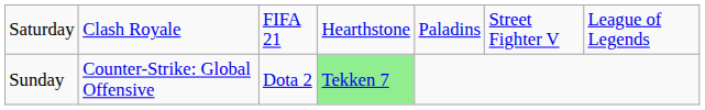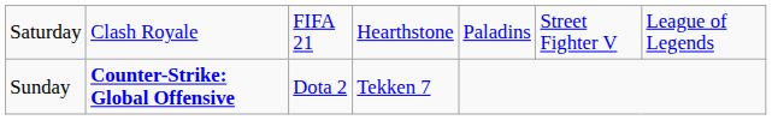 <table class="wikitable">
 <tr>
 <td>Saturday</td>
 <td><a href='#'>Clash Royale</a></td>
 <td><a href='#'>FIFA 21</a></td>
 <td><a href='#'>Hearthstone</a></td>
 <td><a href='#'>Paladins</a></td>
 <td><a href='#'>Street Fighter V</a></td>
 <td><a href='#'>League of Legends</a></td>
 </tr>
 <tr>
 <td>Sunday</td>
-<td><a href='#'>Counter-Strike: Global Offensive</a></td>
+<td><strong><a href='#'>Counter-Strike: Global Offensive</a></strong></td>
 <td><a href='#'>Dota 2</a></td>
-<td style="background: lightgreen;"><a href='#'>Tekken 7</a></td>
+<td><a href='#'>Tekken 7</a></td>
 </tr>
 </table>
